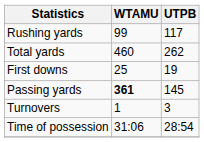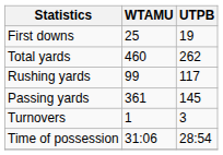 <table class="wikitable" style="float: left;">
 <tr>
 <th>Statistics</th>
 <th>WTAMU</th>
 <th>UTPB</th>
 </tr>
 <tr>
-<td>Rushing yards</td>
-<td>99</td>
-<td>117</td>
+<td>First downs</td>
+<td>25</td>
+<td>19</td>
 </tr>
 <tr>
 <td>Total yards</td>
 <td>460</td>
 <td>262</td>
 </tr>
 <tr>
-<td>First downs</td>
-<td>25</td>
-<td>19</td>
+<td>Rushing yards</td>
+<td>99</td>
+<td>117</td>
 </tr>
 <tr>
 <td>Passing yards</td>
-<td><strong>361</strong></td>
+<td>361</td>
 <td>145</td>
 </tr>
 <tr>
 <td>Turnovers</td>
 <td>1</td>
 <td>3</td>
 </tr>
 <tr>
 <td>Time of possession</td>
 <td>31:06</td>
 <td>28:54</td>
 </tr>
 <tr>
 </tr>
 </table>
